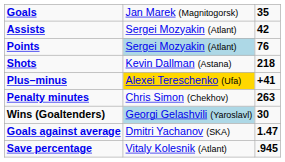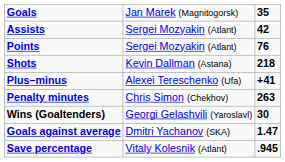 <table class="wikitable" style="text-align:left;">
 <tr>
 <td><strong><a href='#'>Goals</a></strong></td>
 <td> <a href='#'>Jan Marek</a> <small>(Magnitogorsk)</small></td>
 <td><strong>35</strong></td>
 </tr>
 <tr>
 <td><strong><a href='#'>Assists</a></strong></td>
 <td> <a href='#'>Sergei Mozyakin</a> <small>(Atlant)</small></td>
 <td><strong>42</strong></td>
 </tr>
 <tr>
 <td><strong><a href='#'>Points</a></strong></td>
-<td style="background: lightblue;"> <a href='#'>Sergei Mozyakin</a> <small>(Atlant)</small></td>
+<td> <a href='#'>Sergei Mozyakin</a> <small>(Atlant)</small></td>
 <td><strong>76</strong></td>
 </tr>
 <tr>
 <td><strong><a href='#'>Shots</a></strong></td>
 <td> <a href='#'>Kevin Dallman</a> <small>(Astana)</small></td>
 <td><strong>218</strong></td>
 </tr>
 <tr>
 <td><strong><a href='#'>Plus–minus</a></strong></td>
-<td style="background: gold;"> <a href='#'>Alexei Tereschenko</a> <small>(Ufa)</small></td>
+<td> <a href='#'>Alexei Tereschenko</a> <small>(Ufa)</small></td>
 <td><strong>+41</strong></td>
 </tr>
 <tr>
 <td><strong><a href='#'>Penalty minutes</a></strong></td>
 <td> <a href='#'>Chris Simon</a> <small>(Chekhov)</small></td>
 <td><strong>263</strong></td>
 </tr>
 <tr>
 <td><strong>Wins (Goaltenders)</strong></td>
-<td style="background: lightblue;"> <a href='#'>Georgi Gelashvili</a> <small>(Yaroslavl)</small></td>
+<td> <a href='#'>Georgi Gelashvili</a> <small>(Yaroslavl)</small></td>
 <td><strong>30</strong></td>
 </tr>
 <tr>
 <td><strong><a href='#'>Goals against average</a></strong></td>
 <td> <a href='#'>Dmitri Yachanov</a> <small>(SKA)</small></td>
 <td><strong>1.47</strong></td>
 </tr>
 <tr>
 <td><strong><a href='#'>Save percentage</a></strong></td>
 <td> <a href='#'>Vitaly Kolesnik</a> <small>(Atlant)</small></td>
 <td><strong>.945</strong></td>
 </tr>
 </table>
